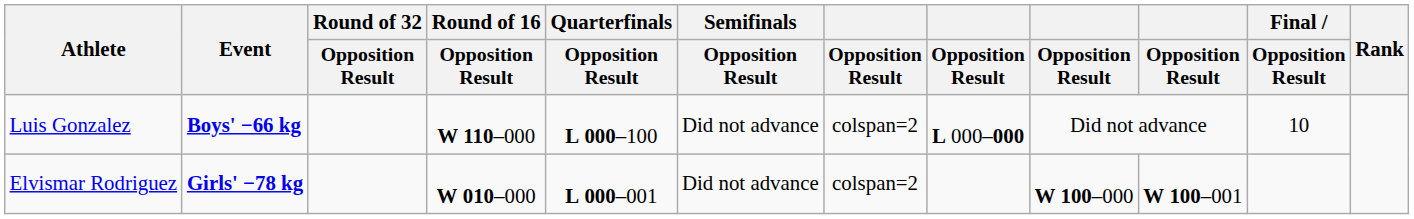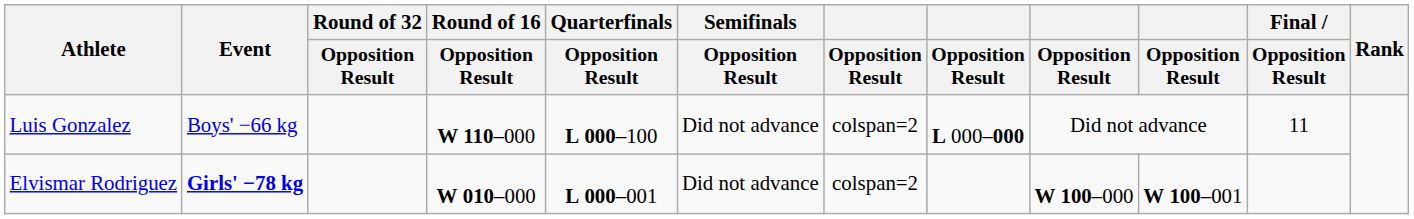 <table class="wikitable" style="font-size:90%">
 <tr>
 <th rowspan="2">Athlete</th>
 <th rowspan="2">Event</th>
 <th>Round of 32</th>
 <th>Round of 16</th>
 <th>Quarterfinals</th>
 <th>Semifinals</th>
 <th></th>
 <th></th>
 <th></th>
 <th></th>
 <th>Final / </th>
 <th rowspan=2>Rank</th>
 </tr>
 <tr style="font-size:95%">
 <th>Opposition<br>Result</th>
 <th>Opposition<br>Result</th>
 <th>Opposition<br>Result</th>
 <th>Opposition<br>Result</th>
 <th>Opposition<br>Result</th>
 <th>Opposition<br>Result</th>
 <th>Opposition<br>Result</th>
 <th>Opposition<br>Result</th>
 <th>Opposition<br>Result</th>
 </tr>
 <tr align=center>
 <td align=left><a href='#'>Luis Gonzalez</a></td>
-<td align=left><strong><a href='#'>Boys' −66 kg</a></strong></td>
+<td align=left><a href='#'>Boys' −66 kg</a></td>
 <td></td>
 <td><br><strong>W</strong> <strong>110</strong>–000</td>
 <td><br><strong>L</strong> <strong>000</strong>–100</td>
 <td>Did not advance</td>
 <td>colspan=2 </td>
 <td><br><strong>L</strong> 000–<strong>000</strong></td>
 <td colspan=2>Did not advance</td>
-<td>10</td>
+<td>11</td>
 </tr>
 <tr align=center>
 <td align=left><a href='#'>Elvismar Rodriguez</a></td>
 <td align=left><strong><a href='#'>Girls' −78 kg</a></strong></td>
 <td></td>
 <td><br><strong>W</strong> <strong>010</strong>–000</td>
 <td><br><strong>L</strong> <strong>000</strong>–001</td>
 <td>Did not advance</td>
 <td>colspan=2 </td>
 <td></td>
 <td><br><strong>W</strong> <strong>100</strong>–000</td>
 <td><br><strong>W</strong> <strong>100</strong>–001</td>
 <td></td>
 </tr>
 </table>
